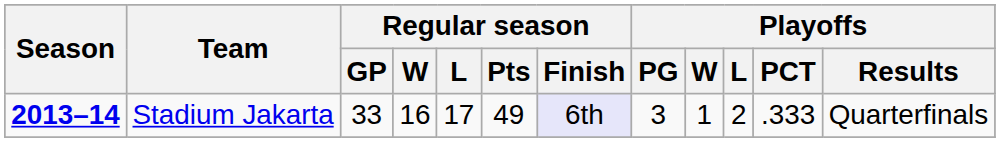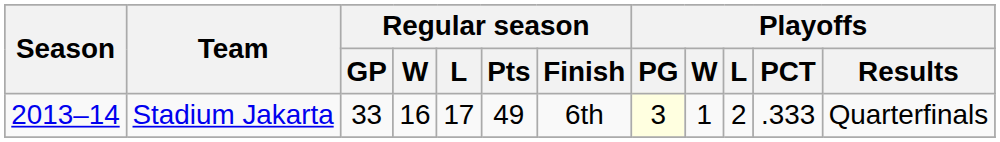 <table class="wikitable" style="text-align:center">
 <tr>
 <th rowspan="2">Season</th>
 <th rowspan="2">Team</th>
 <th colspan="5">Regular season</th>
 <th colspan="5">Playoffs</th>
 </tr>
 <tr>
 <th>GP</th>
 <th>W</th>
 <th>L</th>
 <th>Pts</th>
 <th>Finish</th>
 <th>PG</th>
 <th>W</th>
 <th>L</th>
 <th>PCT</th>
 <th>Results</th>
 </tr>
 <tr>
-<td><strong><a href='#'>2013–14</a></strong></td>
+<td><a href='#'>2013–14</a></td>
 <td><a href='#'>Stadium Jakarta</a></td>
 <td>33</td>
 <td>16</td>
 <td>17</td>
 <td>49</td>
-<td style="background: lavender;">6th</td>
-<td>3</td>
+<td>6th</td>
+<td style="background: lightyellow;">3</td>
 <td>1</td>
 <td>2</td>
 <td>.333</td>
 <td>Quarterfinals</td>
 </tr>
 </table>
